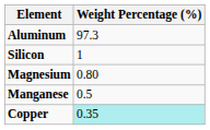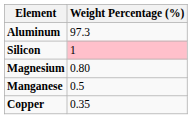 <table class="wikitable">
 <tr>
 <th>Element </th>
 <th>Weight Percentage (%)</th>
 </tr>
 <tr>
 <td><strong>Aluminum</strong></td>
 <td>97.3</td>
 </tr>
 <tr>
 <td><strong>Silicon</strong></td>
-<td>1</td>
+<td style="background: pink;">1</td>
 </tr>
 <tr>
 <td><strong>Magnesium</strong></td>
 <td>0.80</td>
 </tr>
 <tr>
 <td><strong>Manganese</strong></td>
 <td>0.5</td>
 </tr>
 <tr>
 <td><strong>Copper</strong></td>
-<td style="background: paleturquoise;">0.35</td>
+<td>0.35</td>
 </tr>
 </table>
